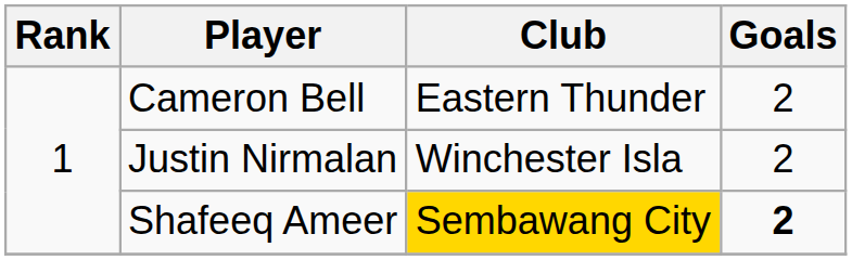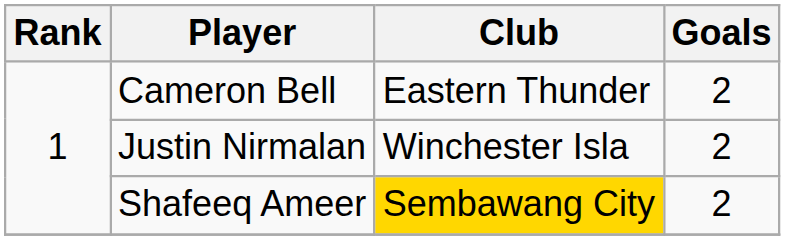 <table class="wikitable" style="font-size:100%">
 <tr>
 <th>Rank</th>
 <th>Player</th>
 <th>Club</th>
 <th>Goals</th>
 </tr>
 <tr>
 <td align="center" rowspan="3">1</td>
 <td>Cameron Bell</td>
 <td>Eastern Thunder</td>
 <td align="center">2</td>
 </tr>
 <tr>
 <td>Justin Nirmalan</td>
 <td>Winchester Isla</td>
 <td align="center">2</td>
 </tr>
 <tr>
 <td>Shafeeq Ameer</td>
 <td style="background: gold;">Sembawang City</td>
-<td align="center"><strong>2</strong></td>
+<td align="center">2</td>
 </tr>
 <tr>
 </tr>
 </table>
